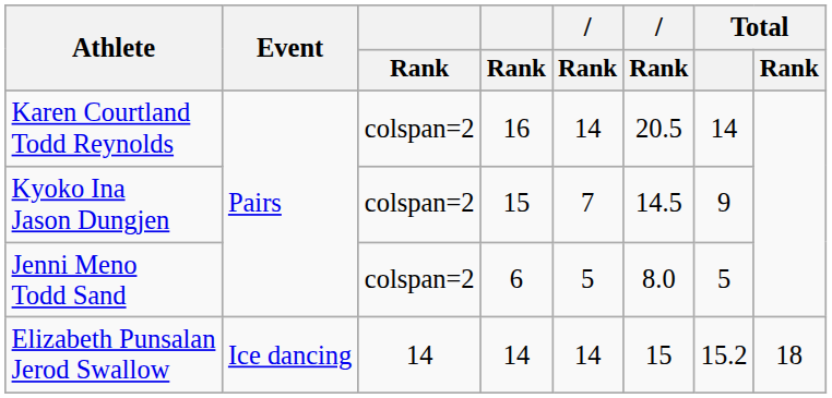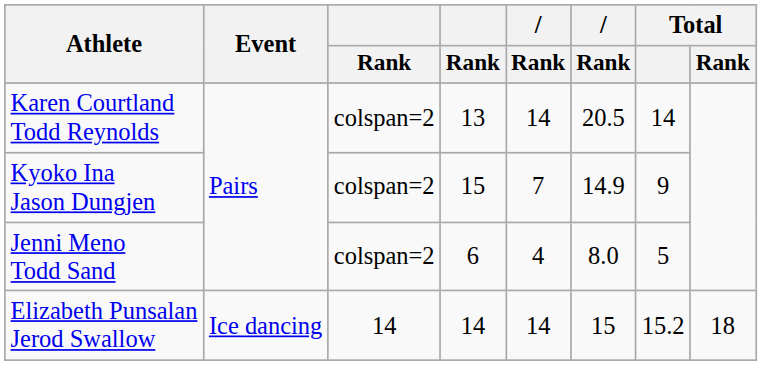 <table class=wikitable style=font-size:90%;text-align:center>
 <tr>
 <th rowspan=2>Athlete</th>
 <th rowspan=2>Event</th>
 <th></th>
 <th></th>
 <th> / </th>
 <th> / </th>
 <th colspan=2>Total</th>
 </tr>
 <tr style=font-size:95%>
 <th>Rank</th>
 <th>Rank</th>
 <th>Rank</th>
 <th>Rank</th>
 <th></th>
 <th>Rank</th>
 </tr>
 <tr>
 <td align=left><a href='#'>Karen Courtland</a><br><a href='#'>Todd Reynolds</a></td>
 <td align=left rowspan=3><a href='#'>Pairs</a></td>
 <td>colspan=2 </td>
-<td>16</td>
+<td>13</td>
 <td>14</td>
 <td>20.5</td>
 <td>14</td>
 </tr>
 <tr>
 <td align=left><a href='#'>Kyoko Ina</a><br><a href='#'>Jason Dungjen</a></td>
 <td>colspan=2 </td>
 <td>15</td>
 <td>7</td>
-<td>14.5</td>
+<td>14.9</td>
 <td>9</td>
 </tr>
 <tr>
 <td align=left><a href='#'>Jenni Meno</a><br><a href='#'>Todd Sand</a></td>
 <td>colspan=2 </td>
 <td>6</td>
-<td>5</td>
+<td>4</td>
 <td>8.0</td>
 <td>5</td>
 </tr>
 <tr>
 <td align=left><a href='#'>Elizabeth Punsalan</a><br><a href='#'>Jerod Swallow</a></td>
 <td align=left><a href='#'>Ice dancing</a></td>
 <td>14</td>
 <td>14</td>
 <td>14</td>
 <td>15</td>
 <td>15.2</td>
 <td>18</td>
 </tr>
 </table>
